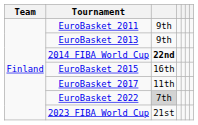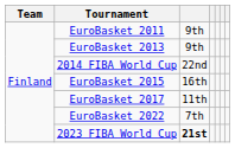 <table class="wikitable" style=" text-align:center;">
 <tr>
 <th>Team</th>
 <th>Tournament</th>
 <th></th>
 <th></th>
 <th></th>
 <th></th>
 <th></th>
 </tr>
 <tr>
 <td rowspan=7><a href='#'>Finland</a></td>
 <td><a href='#'>EuroBasket 2011</a></td>
 <td>9th</td>
 <td></td>
 <td></td>
 <td></td>
 <td></td>
 </tr>
 <tr>
 <td><a href='#'>EuroBasket 2013</a></td>
 <td>9th</td>
 <td></td>
 <td></td>
 <td></td>
 <td></td>
 </tr>
 <tr>
 <td><a href='#'>2014 FIBA World Cup</a></td>
-<td><strong>22nd</strong></td>
+<td>22nd</td>
 <td></td>
 <td></td>
 <td></td>
 <td></td>
 </tr>
 <tr>
 <td><a href='#'>EuroBasket 2015</a></td>
 <td>16th</td>
 <td></td>
 <td></td>
 <td></td>
 <td></td>
 </tr>
 <tr>
 <td><a href='#'>EuroBasket 2017</a></td>
 <td>11th</td>
 <td></td>
 <td></td>
 <td></td>
 <td></td>
 </tr>
 <tr>
 <td><a href='#'>EuroBasket 2022</a></td>
-<td style="background: lightgrey;">7th</td>
+<td>7th</td>
 <td></td>
 <td></td>
 <td></td>
 <td></td>
 </tr>
 <tr>
 <td><a href='#'>2023 FIBA World Cup</a></td>
-<td>21st</td>
+<td><strong>21st</strong></td>
 <td></td>
 <td></td>
 <td></td>
 <td></td>
 </tr>
 </table>
